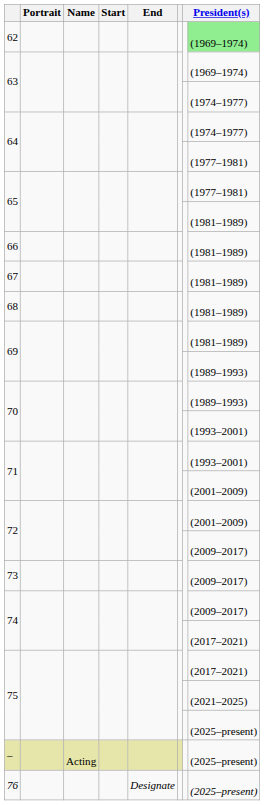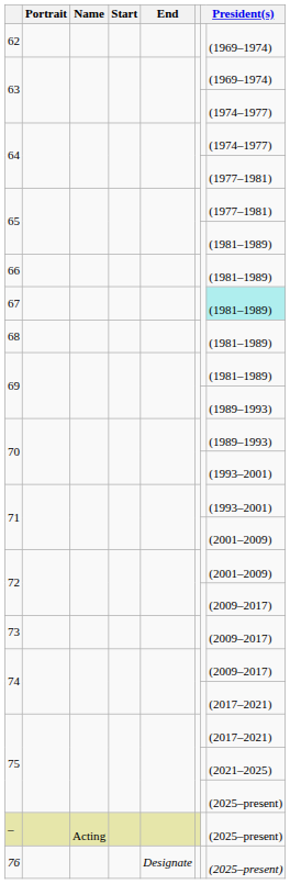 <table class="wikitable sortable">
 <tr>
 <th></th>
 <th>Portrait</th>
 <th>Name</th>
 <th>Start</th>
 <th>End</th>
 <th></th>
 <th colspan=2><a href='#'>President(s)</a></th>
 </tr>
 <tr>
 <td>62</td>
 <td></td>
 <td></td>
 <td></td>
 <td></td>
 <td></td>
 <td rowspan=2 style="background: "></td>
-<td style="background: lightgreen;"><br>(1969–1974)</td>
+<td><br>(1969–1974)</td>
 </tr>
 <tr>
 <td rowspan=2>63</td>
 <td rowspan=2></td>
 <td rowspan=2></td>
 <td rowspan=2></td>
 <td rowspan=2></td>
 <td rowspan=2></td>
 <td><br>(1969–1974)</td>
 </tr>
 <tr>
 <td rowspan=2 style="background: "></td>
 <td><br>(1974–1977)</td>
 </tr>
 <tr>
 <td rowspan=2>64</td>
 <td rowspan=2></td>
 <td rowspan=2></td>
 <td rowspan=2></td>
 <td rowspan=2></td>
 <td rowspan=2></td>
 <td><br>(1974–1977)</td>
 </tr>
 <tr>
 <td rowspan=2 style="background: "></td>
 <td><br>(1977–1981)</td>
 </tr>
 <tr>
 <td rowspan=2>65</td>
 <td rowspan=2></td>
 <td rowspan=2></td>
 <td rowspan=2></td>
 <td rowspan=2></td>
 <td rowspan=2></td>
 <td><br>(1977–1981)</td>
 </tr>
 <tr>
 <td rowspan=5 style="background: "></td>
 <td><br>(1981–1989)</td>
 </tr>
 <tr>
 <td>66</td>
 <td></td>
 <td></td>
 <td></td>
 <td></td>
 <td></td>
 <td><br>(1981–1989)</td>
 </tr>
 <tr>
 <td>67</td>
 <td></td>
 <td></td>
 <td></td>
 <td></td>
 <td></td>
-<td><br>(1981–1989)</td>
+<td style="background: paleturquoise;"><br>(1981–1989)</td>
 </tr>
 <tr>
 <td>68</td>
 <td></td>
 <td></td>
 <td></td>
 <td></td>
 <td></td>
 <td><br>(1981–1989)</td>
 </tr>
 <tr>
 <td rowspan=2>69</td>
 <td rowspan=2></td>
 <td rowspan=2></td>
 <td rowspan=2></td>
 <td rowspan=2></td>
 <td rowspan=2></td>
 <td><br>(1981–1989)</td>
 </tr>
 <tr>
 <td rowspan=2 style="background: "></td>
 <td><br>(1989–1993)</td>
 </tr>
 <tr>
 <td rowspan=2>70</td>
 <td rowspan=2></td>
 <td rowspan=2></td>
 <td rowspan=2></td>
 <td rowspan=2></td>
 <td rowspan=2></td>
 <td><br>(1989–1993)</td>
 </tr>
 <tr>
 <td rowspan=2 style="background: "></td>
 <td><br>(1993–2001)</td>
 </tr>
 <tr>
 <td rowspan=2>71</td>
 <td rowspan=2></td>
 <td rowspan=2></td>
 <td rowspan=2></td>
 <td rowspan=2></td>
 <td rowspan=2></td>
 <td><br>(1993–2001)</td>
 </tr>
 <tr>
 <td rowspan=2 style="background: "></td>
 <td><br>(2001–2009)</td>
 </tr>
 <tr>
 <td rowspan=2>72</td>
 <td rowspan=2></td>
 <td rowspan=2></td>
 <td rowspan=2></td>
 <td rowspan=2></td>
 <td rowspan=2></td>
 <td><br>(2001–2009)</td>
 </tr>
 <tr>
 <td rowspan=3 style="background: "></td>
 <td><br>(2009–2017)</td>
 </tr>
 <tr>
 <td>73</td>
 <td></td>
 <td></td>
 <td></td>
 <td></td>
 <td></td>
 <td><br>(2009–2017)</td>
 </tr>
 <tr>
 <td rowspan=2>74</td>
 <td rowspan=2></td>
 <td rowspan=2></td>
 <td rowspan=2></td>
 <td rowspan=2></td>
 <td rowspan=2></td>
 <td><br>(2009–2017)</td>
 </tr>
 <tr>
 <td rowspan=2 style="background: "></td>
 <td><br>(2017–2021)</td>
 </tr>
 <tr>
 <td rowspan=3>75</td>
 <td rowspan=3></td>
 <td rowspan=3></td>
 <td rowspan=3></td>
 <td rowspan=3></td>
 <td rowspan=3></td>
 <td><br>(2017–2021)</td>
 </tr>
 <tr>
 <td style="background: "></td>
 <td><br>(2021–2025)</td>
 </tr>
 <tr>
 <td style="background: "></td>
 <td><br>(2025–present)</td>
 </tr>
 <tr>
 <td bgcolor="#E6E6AA">–</td>
 <td bgcolor="#E6E6AA"></td>
 <td bgcolor="#E6E6AA"><br>Acting</td>
 <td bgcolor="#E6E6AA"></td>
 <td bgcolor="#E6E6AA"><em></em></td>
 <td bgcolor="#E6E6AA"></td>
 <td style="background: "></td>
 <td><br>(2025–present)</td>
 </tr>
 <tr>
 <td><em>76</em></td>
 <td></td>
 <td><em></em></td>
 <td><em></em></td>
 <td><em>Designate</em></td>
 <td></td>
 <td style="background: "></td>
 <td><em><br>(2025–present)</em></td>
 </tr>
 </table>
